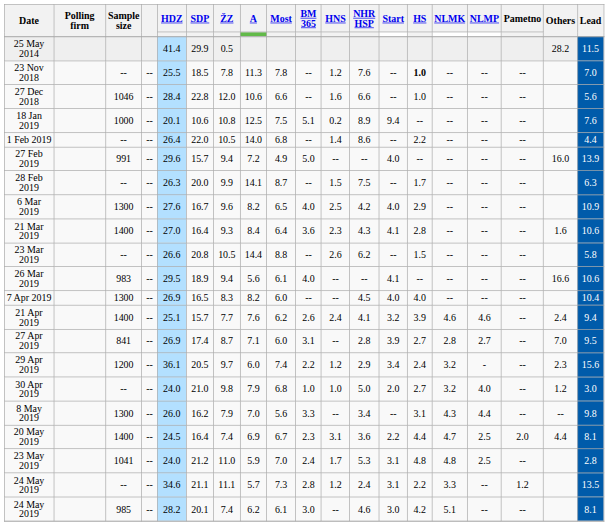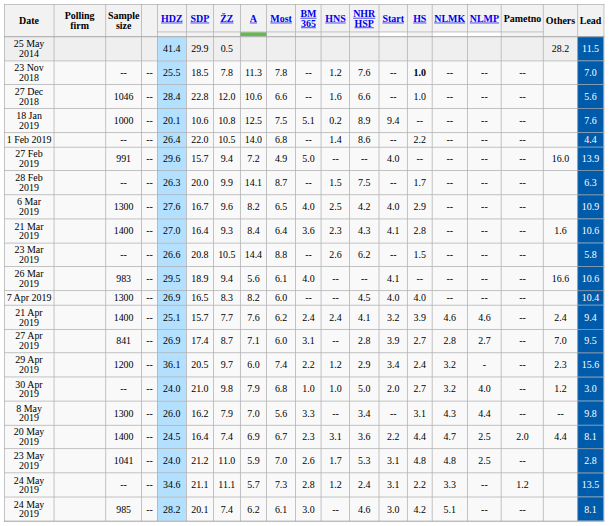 <table class="wikitable" style="text-align:center;font-size:90%;line-height:14px;">
 <tr style="height:40px;">
 <th style="width:110px;" rowspan="2">Date</th>
 <th style="width:100px;" rowspan="2">Polling firm</th>
 <th style="width:35px;" rowspan="2">Sample<br>size</th>
 <th style="width:30px;" rowspan="2"></th>
 <th class="unsortable" style="width:40px;"><a href='#'>HDZ</a></th>
 <th class="unsortable" style="width:40px;"><a href='#'>SDP</a></th>
 <th class="unsortable" style="width:40px;"><a href='#'>ŽZ</a></th>
 <th class="unsortable" style="width:40px;"><a href='#'>A</a></th>
 <th class="unsortable" style="width:40px;"><a href='#'>Most</a></th>
 <th class="unsortable" style="width:40px;"><a href='#'>BM 365</a></th>
 <th class="unsortable" style="width:40px;"><a href='#'>HNS</a></th>
 <th class="unsortable" style="width:40px;"><a href='#'>NHR</a><br><a href='#'>HSP</a></th>
 <th class="unsortable" style="width:40px;"><a href='#'>Start</a></th>
 <th class="unsortable" style="width:40px;"><a href='#'>HS</a></th>
 <th class="unsortable" style="width:40px;"><a href='#'>NLMK</a></th>
 <th class="unsortable" style="width:40px;"><a href='#'>NLMP</a></th>
 <th>Pametno</th>
 <th class="unsortable" style="width:30px;" rowspan="2">Others</th>
 <th class="unsortable" style="width:30px;" rowspan="2">Lead</th>
 </tr>
 <tr>
 <th style="background:"></th>
 <th style="background:"></th>
 <th style="background:"></th>
 <th style="background:#62ba49;"></th>
 <th style="background:"></th>
 <th style="background:"></th>
 <th style="background:"></th>
 <th style="background:"></th>
 <th style="background:#ffffff;"></th>
 <th style="background:"></th>
 <th style="background:#ffffff;"></th>
 <th style="background:#ffffff;"></th>
 <th></th>
 </tr>
 <tr>
 </tr>
 <tr style="background:#EFEFEF;">
 <td>25 May 2014</td>
 <td></td>
 <td></td>
 <td align="center"></td>
 <td style="background:#B3E0FF">41.4</td>
 <td>29.9</td>
 <td>0.5</td>
 <td></td>
 <td></td>
 <td></td>
 <td></td>
 <td></td>
 <td></td>
 <td></td>
 <td></td>
 <td></td>
 <td></td>
 <td>28.2</td>
 <td style="background:#005BAA; color:white;">11.5</td>
 </tr>
 <tr>
 <td>23 Nov 2018</td>
 <td> </td>
 <td>--</td>
 <td>--</td>
 <td style="background:#B3E0FF">25.5</td>
 <td>18.5</td>
 <td>7.8</td>
 <td>11.3</td>
 <td>7.8</td>
 <td>--</td>
 <td>1.2</td>
 <td>7.6</td>
 <td>--</td>
 <td><strong>1.0</strong></td>
 <td>--</td>
 <td>--</td>
 <td>--</td>
 <td></td>
 <td style="background:#005BAA; color:white;">7.0</td>
 </tr>
 <tr>
 <td>27 Dec 2018</td>
 <td></td>
 <td>1046</td>
 <td>--</td>
 <td style="background:#B3E0FF">28.4</td>
 <td>22.8</td>
 <td>12.0</td>
 <td>10.6</td>
 <td>6.6</td>
 <td>--</td>
 <td>1.6</td>
 <td>6.6</td>
 <td>--</td>
 <td>1.0</td>
 <td>--</td>
 <td>--</td>
 <td>--</td>
 <td></td>
 <td style="background:#005BAA; color:white;">5.6</td>
 </tr>
 <tr>
 <td>18 Jan 2019</td>
 <td></td>
 <td>1000</td>
 <td>--</td>
 <td style="background:#B3E0FF">20.1</td>
 <td>10.6</td>
 <td>10.8</td>
 <td>12.5</td>
 <td>7.5</td>
 <td>5.1</td>
 <td>0.2</td>
 <td>8.9</td>
 <td>9.4</td>
 <td>--</td>
 <td>--</td>
 <td>--</td>
 <td>--</td>
 <td></td>
 <td style="background:#005BAA; color:white;">7.6</td>
 </tr>
 <tr>
 <td>1 Feb 2019</td>
 <td> </td>
 <td>--</td>
 <td>--</td>
 <td style="background:#B3E0FF">26.4</td>
 <td>22.0</td>
 <td>10.5</td>
 <td>14.0</td>
 <td>6.8</td>
 <td>--</td>
 <td>1.4</td>
 <td>8.6</td>
 <td>--</td>
 <td>2.2</td>
 <td>--</td>
 <td>--</td>
 <td>--</td>
 <td></td>
 <td style="background:#005BAA; color:white;">4.4</td>
 </tr>
 <tr>
 <td>27 Feb 2019</td>
 <td></td>
 <td>991</td>
 <td>--</td>
 <td style="background:#B3E0FF">29.6</td>
 <td>15.7</td>
 <td>9.4</td>
 <td>7.2</td>
 <td>4.9</td>
 <td>5.0</td>
 <td>--</td>
 <td>--</td>
 <td>4.0</td>
 <td>--</td>
 <td>--</td>
 <td>--</td>
 <td>--</td>
 <td>16.0</td>
 <td style="background:#005BAA; color:white;">13.9</td>
 </tr>
 <tr>
 <td>28 Feb 2019</td>
 <td> </td>
 <td>--</td>
 <td>--</td>
 <td style="background:#B3E0FF">26.3</td>
 <td>20.0</td>
 <td>9.9</td>
 <td>14.1</td>
 <td>8.7</td>
 <td>--</td>
 <td>1.5</td>
 <td>7.5</td>
 <td>--</td>
 <td>1.7</td>
 <td>--</td>
 <td>--</td>
 <td>--</td>
 <td></td>
 <td style="background:#005BAA; color:white;">6.3</td>
 </tr>
 <tr>
 <td>6 Mar 2019</td>
 <td></td>
 <td>1300</td>
 <td>--</td>
 <td style="background:#B3E0FF">27.6</td>
 <td>16.7</td>
 <td>9.6</td>
 <td>8.2</td>
 <td>6.5</td>
 <td>4.0</td>
 <td>2.5</td>
 <td>4.2</td>
 <td>4.0</td>
 <td>2.9</td>
 <td>--</td>
 <td>--</td>
 <td>--</td>
 <td></td>
 <td style="background:#005BAA; color:white;">10.9</td>
 </tr>
 <tr>
 <td>21 Mar 2019</td>
 <td></td>
 <td>1400</td>
 <td>--</td>
 <td style="background:#B3E0FF">27.0</td>
 <td>16.4</td>
 <td>9.3</td>
 <td>8.4</td>
 <td>6.4</td>
 <td>3.6</td>
 <td>2.3</td>
 <td>4.3</td>
 <td>4.1</td>
 <td>2.8</td>
 <td>--</td>
 <td>--</td>
 <td>--</td>
 <td>1.6</td>
 <td style="background:#005BAA; color:white;">10.6</td>
 </tr>
 <tr>
 <td>23 Mar 2019</td>
 <td> </td>
 <td>--</td>
 <td>--</td>
 <td style="background:#B3E0FF">26.6</td>
 <td>20.8</td>
 <td>10.5</td>
 <td>14.4</td>
 <td>8.8</td>
 <td>--</td>
 <td>2.6</td>
 <td>6.2</td>
 <td>--</td>
 <td>1.5</td>
 <td>--</td>
 <td>--</td>
 <td>--</td>
 <td></td>
 <td style="background:#005BAA; color:white;">5.8</td>
 </tr>
 <tr>
 <td>26 Mar 2019</td>
 <td></td>
 <td>983</td>
 <td>--</td>
 <td style="background:#B3E0FF">29.5</td>
 <td>18.9</td>
 <td>9.4</td>
 <td>5.6</td>
 <td>6.1</td>
 <td>4.0</td>
 <td>--</td>
 <td>--</td>
 <td>4.1</td>
 <td>--</td>
 <td>--</td>
 <td>--</td>
 <td>--</td>
 <td>16.6</td>
 <td style="background:#005BAA; color:white;">10.6</td>
 </tr>
 <tr>
 <td>7 Apr 2019</td>
 <td></td>
 <td>1300</td>
 <td>--</td>
 <td style="background:#B3E0FF">26.9</td>
 <td>16.5</td>
 <td>8.3</td>
 <td>8.2</td>
 <td>6.0</td>
 <td>--</td>
 <td>--</td>
 <td>4.5</td>
 <td>4.0</td>
 <td>4.0</td>
 <td>--</td>
 <td>--</td>
 <td>--</td>
 <td></td>
 <td style="background:#005BAA; color:white;">10.4</td>
 </tr>
 <tr>
 <td>21 Apr 2019</td>
 <td></td>
 <td>1400</td>
 <td>--</td>
 <td style="background:#B3E0FF">25.1</td>
 <td>15.7</td>
 <td>7.7</td>
 <td>7.6</td>
 <td>6.2</td>
-<td>2.6</td>
+<td>2.4</td>
 <td>2.4</td>
 <td>4.1</td>
 <td>3.2</td>
 <td>3.9</td>
 <td>4.6</td>
 <td>4.6</td>
 <td>--</td>
 <td>2.4</td>
 <td style="background:#005BAA; color:white;">9.4</td>
 </tr>
 <tr>
 <td>27 Apr 2019</td>
 <td></td>
 <td>841</td>
 <td>--</td>
 <td style="background:#B3E0FF">26.9</td>
 <td>17.4</td>
 <td>8.7</td>
 <td>7.1</td>
 <td>6.0</td>
 <td>3.1</td>
 <td>--</td>
 <td>2.8</td>
 <td>3.9</td>
 <td>2.7</td>
 <td>2.8</td>
 <td>2.7</td>
 <td>--</td>
 <td>7.0</td>
 <td style="background:#005BAA; color:white;">9.5</td>
 </tr>
 <tr>
 <td>29 Apr 2019</td>
 <td> </td>
 <td>1200</td>
 <td>--</td>
 <td style="background:#B3E0FF">36.1</td>
 <td>20.5</td>
 <td>9.7</td>
 <td>6.0</td>
 <td>7.4</td>
 <td>2.2</td>
 <td>1.2</td>
 <td>2.9</td>
 <td>3.4</td>
 <td>2.4</td>
 <td>3.2</td>
 <td>-</td>
 <td>--</td>
 <td>2.3</td>
 <td style="background:#005BAA; color:white;">15.6</td>
 </tr>
 <tr>
 <td>30 Apr 2019</td>
 <td> </td>
 <td>--</td>
 <td>--</td>
 <td style="background:#B3E0FF">24.0</td>
 <td>21.0</td>
 <td>9.8</td>
 <td>7.9</td>
 <td>6.8</td>
 <td>1.0</td>
 <td>1.0</td>
 <td>5.0</td>
 <td>2.0</td>
 <td>2.7</td>
 <td>3.2</td>
 <td>4.0</td>
 <td>--</td>
 <td>1.2</td>
 <td style="background:#005BAA; color:white;">3.0</td>
 </tr>
 <tr>
 <td>8 May 2019</td>
 <td></td>
 <td>1300</td>
 <td>--</td>
 <td style="background:#B3E0FF">26.0</td>
 <td>16.2</td>
 <td>7.9</td>
 <td>7.0</td>
 <td>5.6</td>
 <td>3.3</td>
 <td>--</td>
 <td>3.4</td>
 <td>--</td>
 <td>3.1</td>
 <td>4.3</td>
 <td>4.4</td>
 <td>--</td>
 <td>--</td>
 <td style="background:#005BAA; color:white;">9.8</td>
 </tr>
 <tr>
 <td>20 May 2019</td>
 <td> </td>
 <td>1400</td>
 <td>--</td>
 <td style="background:#B3E0FF">24.5</td>
 <td>16.4</td>
 <td>7.4</td>
 <td>6.9</td>
 <td>6.7</td>
 <td>2.3</td>
 <td>3.1</td>
 <td>3.6</td>
 <td>2.2</td>
 <td>4.4</td>
 <td>4.7</td>
 <td>2.5</td>
 <td>2.0</td>
 <td>4.4</td>
 <td style="background:#005BAA; color:white;">8.1</td>
 </tr>
 <tr>
 <td>23 May 2019</td>
 <td> </td>
 <td>1041</td>
 <td>--</td>
 <td style="background:#B3E0FF">24.0</td>
 <td>21.2</td>
 <td>11.0</td>
 <td>5.9</td>
 <td>7.0</td>
-<td>2.4</td>
+<td>2.6</td>
 <td>1.7</td>
 <td>5.3</td>
 <td>3.1</td>
 <td>4.8</td>
 <td>4.8</td>
 <td>2.5</td>
 <td>--</td>
 <td></td>
 <td style="background:#005BAA; color:white;">2.8</td>
 </tr>
 <tr>
 <td>24 May 2019</td>
 <td> </td>
 <td>--</td>
 <td>--</td>
 <td style="background:#B3E0FF">34.6</td>
 <td>21.1</td>
 <td>11.1</td>
 <td>5.7</td>
 <td>7.3</td>
 <td>2.8</td>
 <td>1.2</td>
 <td>2.4</td>
 <td>3.1</td>
 <td>2.2</td>
 <td>3.3</td>
 <td>--</td>
 <td>1.2</td>
 <td></td>
 <td style="background:#005BAA; color:white;">13.5</td>
 </tr>
 <tr>
 <td>24 May 2019</td>
 <td></td>
 <td>985</td>
 <td>--</td>
 <td style="background:#B3E0FF">28.2</td>
 <td>20.1</td>
 <td>7.4</td>
 <td>6.2</td>
 <td>6.1</td>
 <td>3.0</td>
 <td>--</td>
 <td>4.6</td>
 <td>3.0</td>
 <td>4.2</td>
 <td>5.1</td>
 <td>--</td>
 <td>--</td>
 <td></td>
 <td style="background:#005BAA; color:white;">8.1</td>
 </tr>
 <tr>
 </tr>
 </table>
